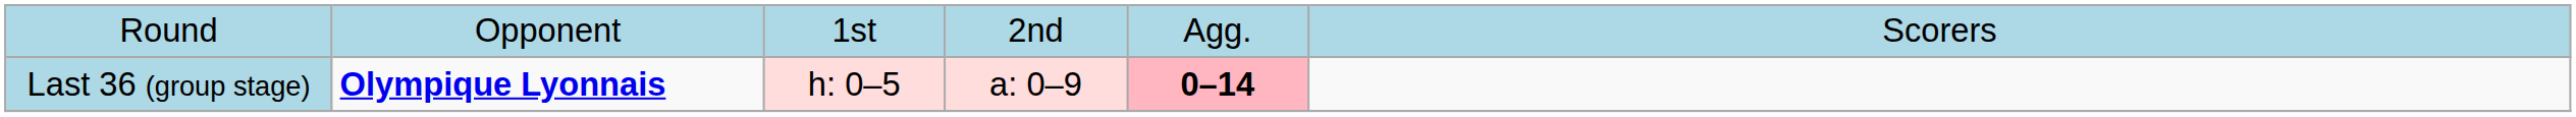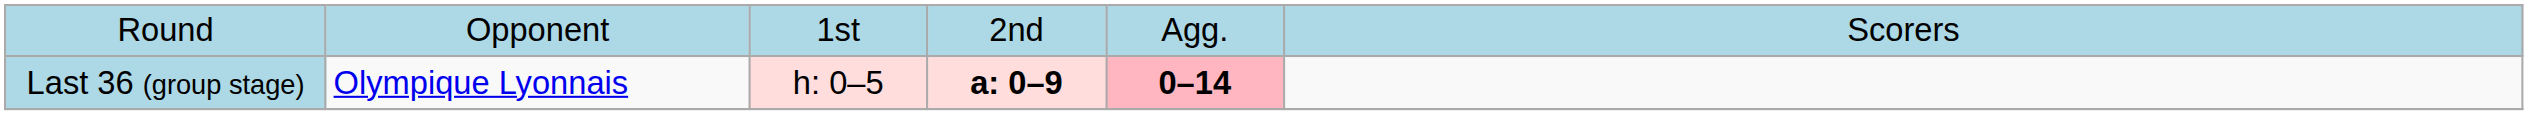 <table class="wikitable" style="text-align:center">
 <tr bgcolor=lightblue>
 <td width=150px>Round</td>
 <td width=200px>Opponent</td>
 <td width=80px>1st</td>
 <td width=80px>2nd</td>
 <td width=80px>Agg.</td>
 <td width=600px>Scorers</td>
 </tr>
 <tr>
 <td bgcolor=lightblue>Last 36 <small>(group stage)</small></td>
-<td align=left><strong> <a href='#'>Olympique Lyonnais</a></strong></td>
+<td align=left> <a href='#'>Olympique Lyonnais</a></td>
 <td bgcolor="#ffdddd">h: 0–5</td>
-<td bgcolor="#ffdddd">a: 0–9</td>
+<td bgcolor="#ffdddd"><strong>a: 0–9</strong></td>
 <td bgcolor=lightpink><strong>0–14</strong></td>
 <td align=left></td>
 </tr>
 <tr>
 </tr>
 </table>
